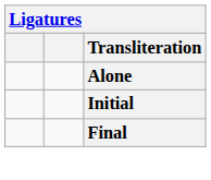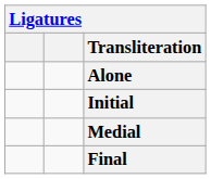 <table class="wikitable" style="text-align: center; display: inline-table;">
 <tr>
 <th colspan="3" style="text-align: left"><a href='#'>Ligatures</a></th>
 </tr>
 <tr>
 <th style="min-width: 1.75em"></th>
 <th style="min-width: 1.75em"></th>
 <th style="text-align: left">Transliteration</th>
 </tr>
 <tr>
 <td></td>
 <td></td>
 <th style="text-align: left">Alone</th>
 </tr>
 <tr>
 <td></td>
 <td></td>
 <th style="text-align: left">Initial</th>
 </tr>
 <tr>
 <td></td>
 <td></td>
+<th style="text-align: left">Medial</th>
+</tr>
+<tr>
+<td></td>
+<td></td>
 <th style="text-align: left">Final</th>
 </tr>
 </table>
